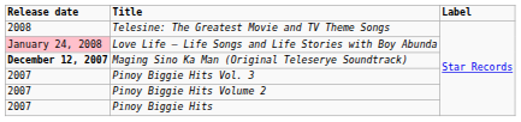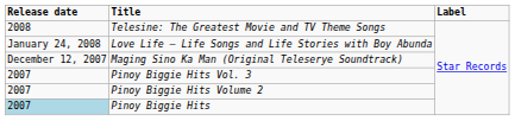 <table class="wikitable" style="font-size: 95%;">
 <tr>
 <td><strong>Release date</strong></td>
 <td><strong>Title</strong></td>
 <td><strong>Label</strong></td>
 </tr>
 <tr>
 <td>2008</td>
 <td><em>Telesine: The Greatest Movie and TV Theme Songs</em></td>
 <td rowspan="6"><a href='#'>Star Records</a></td>
 </tr>
 <tr>
-<td style="background: pink;">January 24, 2008</td>
+<td>January 24, 2008</td>
 <td><em>Love Life – Life Songs and Life Stories with Boy Abunda</em></td>
 </tr>
 <tr>
-<td><strong>December 12, 2007</strong></td>
+<td>December 12, 2007</td>
 <td><em>Maging Sino Ka Man (Original Teleserye Soundtrack)</em></td>
 </tr>
 <tr>
 <td>2007</td>
 <td><em>Pinoy Biggie Hits Vol. 3</em></td>
 </tr>
 <tr>
 <td>2007</td>
 <td><em>Pinoy Biggie Hits Volume 2</em></td>
 </tr>
 <tr>
-<td>2007</td>
+<td style="background: lightblue;">2007</td>
 <td><em>Pinoy Biggie Hits</em></td>
 </tr>
 </table>
